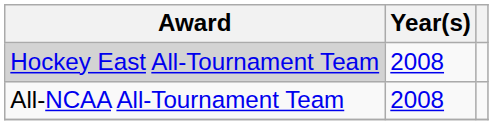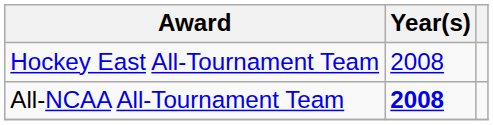 <table class="wikitable">
 <tr>
 <th>Award</th>
 <th>Year(s)</th>
 <th></th>
 </tr>
 <tr>
-<td style="background: lightgrey;"><a href='#'>Hockey East</a> <a href='#'>All-Tournament Team</a></td>
+<td><a href='#'>Hockey East</a> <a href='#'>All-Tournament Team</a></td>
 <td><a href='#'>2008</a></td>
 <td></td>
 </tr>
 <tr>
 <td>All-<a href='#'>NCAA</a> <a href='#'>All-Tournament Team</a></td>
-<td><a href='#'>2008</a></td>
+<td><strong><a href='#'>2008</a></strong></td>
 <td></td>
 </tr>
 <tr>
 </tr>
 </table>
